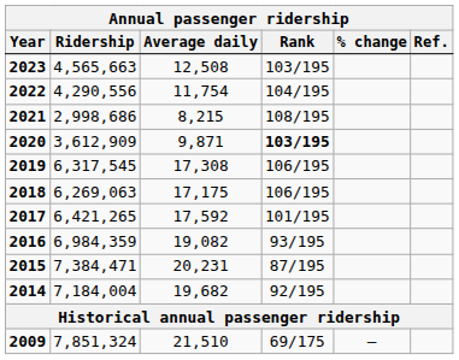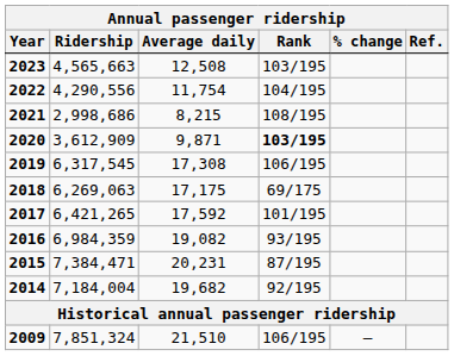 <table class="wikitable sortable" style="text-align:right;">
 <tr>
 <th colspan="6" style="background-color:#">Annual passenger ridership</th>
 </tr>
 <tr style="font-size:95%; text-align:center">
 <th style="border-bottom:1px solid black">Year</th>
 <th style="border-bottom:1px solid black">Ridership</th>
 <th style="border-bottom:1px solid black">Average daily</th>
 <th style="border-bottom:1px solid black">Rank</th>
 <th style="border-bottom:1px solid black">% change</th>
 <th style="border-bottom:1px solid black">Ref.</th>
 </tr>
 <tr style="text-align:center;">
 <td><strong>2023</strong></td>
 <td>4,565,663</td>
 <td>12,508</td>
 <td>103/195</td>
 <td></td>
 <td></td>
 </tr>
 <tr style="text-align:center;">
 <td><strong>2022</strong></td>
 <td>4,290,556</td>
 <td>11,754</td>
 <td>104/195</td>
 <td></td>
 <td></td>
 </tr>
 <tr style="text-align:center;">
 <td><strong>2021</strong></td>
 <td>2,998,686</td>
 <td>8,215</td>
 <td>108/195</td>
 <td></td>
 <td></td>
 </tr>
 <tr style="text-align:center;">
 <td><strong>2020</strong></td>
 <td>3,612,909</td>
 <td>9,871</td>
 <td><strong>103/195</strong></td>
 <td></td>
 <td></td>
 </tr>
 <tr style="text-align:center;">
 <td><strong>2019</strong></td>
 <td>6,317,545</td>
 <td>17,308</td>
 <td>106/195</td>
 <td></td>
 <td></td>
 </tr>
 <tr style="text-align:center;">
 <td><strong>2018</strong></td>
 <td>6,269,063</td>
 <td>17,175</td>
-<td>106/195</td>
+<td>69/175</td>
 <td></td>
 <td></td>
 </tr>
 <tr style="text-align:center;">
 <td><strong>2017</strong></td>
 <td>6,421,265</td>
 <td>17,592</td>
 <td>101/195</td>
 <td></td>
 <td></td>
 </tr>
 <tr style="text-align:center;">
 <td><strong>2016</strong></td>
 <td>6,984,359</td>
 <td>19,082</td>
 <td>93/195</td>
 <td></td>
 <td></td>
 </tr>
 <tr style="text-align:center;">
 <td><strong>2015</strong></td>
 <td>7,384,471</td>
 <td>20,231</td>
 <td>87/195</td>
 <td></td>
 <td></td>
 </tr>
 <tr style="text-align:center;">
 <td><strong>2014</strong></td>
 <td>7,184,004</td>
 <td>19,682</td>
 <td>92/195</td>
 <td></td>
 <td></td>
 </tr>
 <tr>
 <th colspan="6" style="background-color:#">Historical annual passenger ridership</th>
 </tr>
 <tr style="text-align:center;">
 <td><strong>2009</strong></td>
 <td>7,851,324</td>
 <td>21,510</td>
-<td>69/175</td>
+<td>106/195</td>
 <td>—</td>
 <td></td>
 </tr>
 </table>
